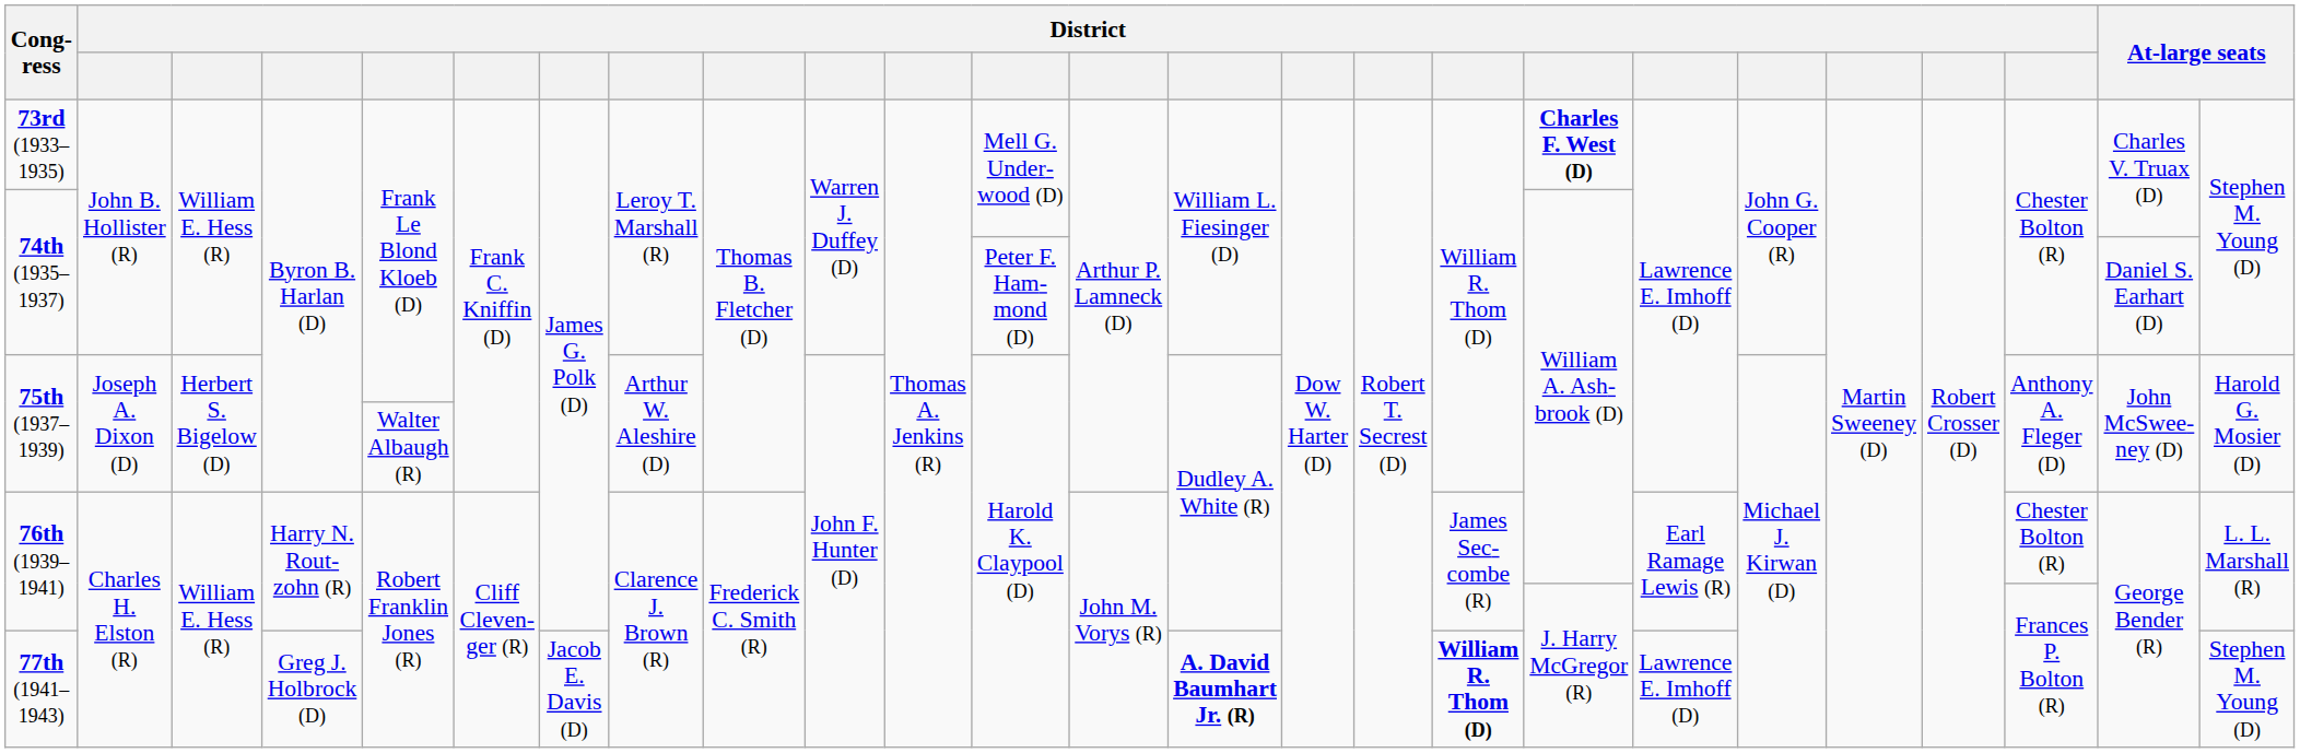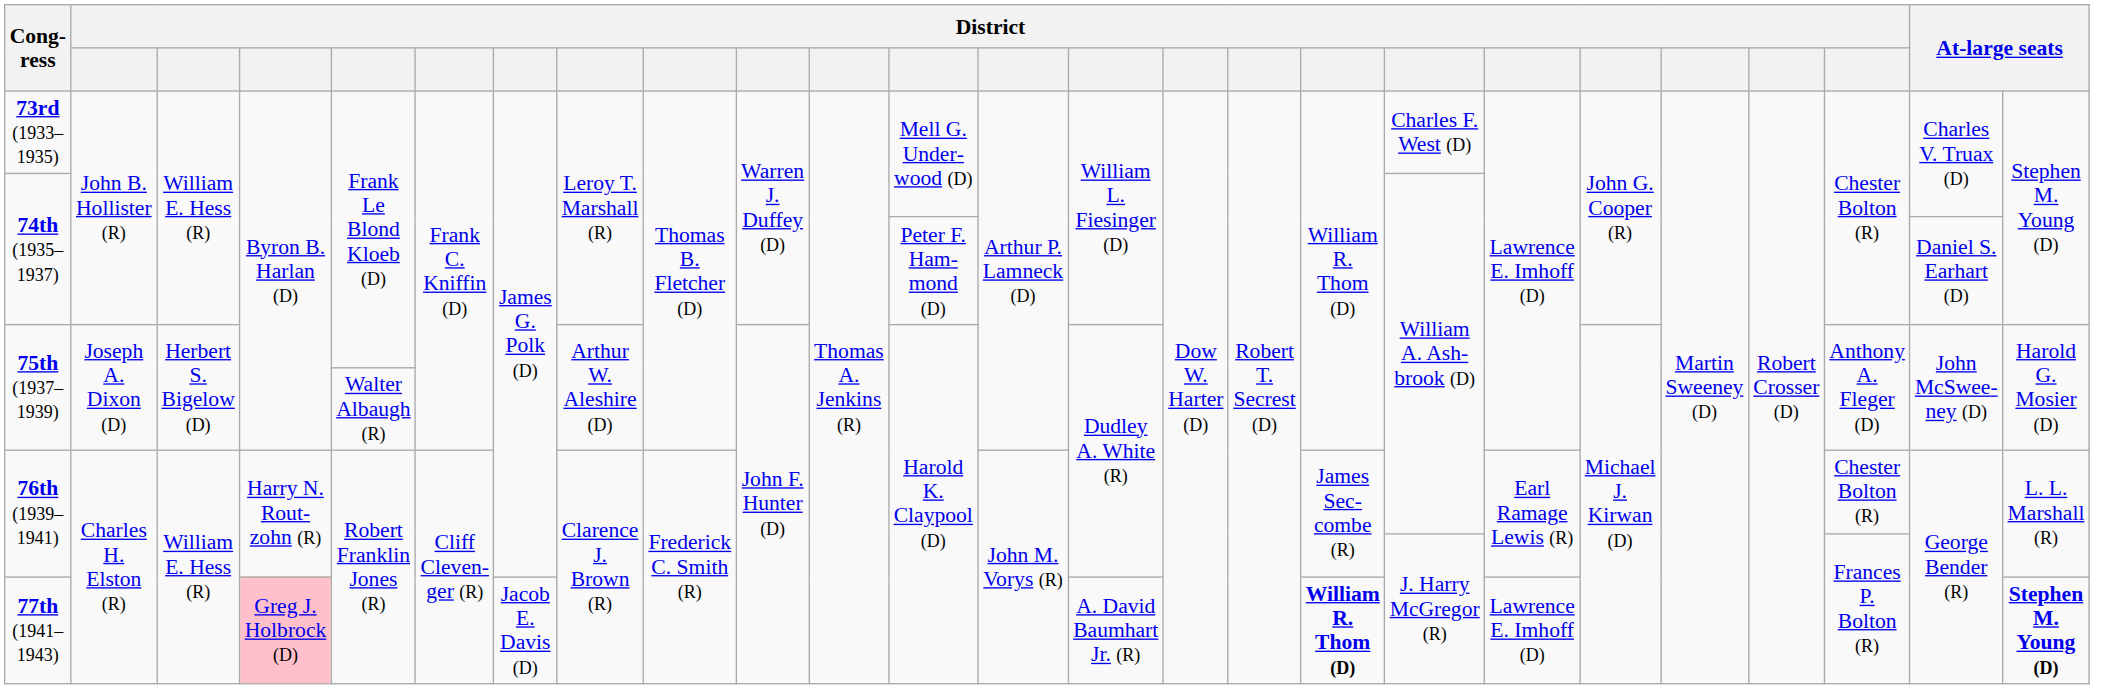 <table class=wikitable style="text-align:center">
 <tr style="height:2em">
 <th rowspan=2>Cong­ress</th>
 <th colspan="22">District</th>
 <th rowspan=2 colspan=2><a href='#'>At-large seats</a></th>
 </tr>
 <tr style="height:2em">
 <th></th>
 <th></th>
 <th></th>
 <th></th>
 <th></th>
 <th></th>
 <th></th>
 <th></th>
 <th></th>
 <th></th>
 <th></th>
 <th></th>
 <th></th>
 <th></th>
 <th></th>
 <th></th>
 <th></th>
 <th></th>
 <th></th>
 <th></th>
 <th></th>
 <th></th>
 </tr>
 <tr style="height:2em">
 <td><strong><a href='#'>73rd</a></strong><br><small>(1933–1935)</small></td>
 <td rowspan=3 ><a href='#'>John B. Hollister</a> <small>(R)</small></td>
 <td rowspan=3 ><a href='#'>William E. Hess</a> <small>(R)</small></td>
 <td rowspan=5 ><a href='#'>Byron B. Harlan</a> <small>(D)</small></td>
 <td rowspan=4 ><a href='#'>Frank Le Blond Kloeb</a> <small>(D)</small></td>
 <td rowspan=5 ><a href='#'>Frank C. Kniffin</a> <small>(D)</small></td>
 <td rowspan=7 ><a href='#'>James G. Polk</a> <small>(D)</small></td>
 <td rowspan=3 ><a href='#'>Leroy T. Marshall</a> <small>(R)</small></td>
 <td rowspan=5 ><a href='#'>Thomas B. Fletcher</a> <small>(D)</small></td>
 <td rowspan=3 ><a href='#'>Warren J. Duffey</a> <small>(D)</small></td>
 <td rowspan=8 ><a href='#'>Thomas A. Jenkins</a> <small>(R)</small></td>
 <td rowspan=2 ><a href='#'>Mell G. Under­wood</a> <small>(D)</small></td>
 <td rowspan=5 ><a href='#'>Arthur P. Lamneck</a> <small>(D)</small></td>
 <td rowspan=3 ><a href='#'>William L. Fiesinger</a> <small>(D)</small></td>
 <td rowspan=8 ><a href='#'>Dow W. Harter</a> <small>(D)</small></td>
 <td rowspan=8 ><a href='#'>Robert T. Secrest</a> <small>(D)</small></td>
 <td rowspan=5 ><a href='#'>William R. Thom</a> <small>(D)</small></td>
-<td><strong><a href='#'>Charles F. West</a> <small>(D)</small></strong></td>
+<td><a href='#'>Charles F. West</a> <small>(D)</small></td>
 <td rowspan=5 ><a href='#'>Lawrence E. Imhoff</a> <small>(D)</small></td>
 <td rowspan=3 ><a href='#'>John G. Cooper</a> <small>(R)</small></td>
 <td rowspan=8 ><a href='#'>Martin Sweeney</a> <small>(D)</small></td>
 <td rowspan=8 ><a href='#'>Robert Crosser</a> <small>(D)</small></td>
 <td rowspan=3 ><a href='#'>Chester Bolton</a> <small>(R)</small></td>
 <td rowspan=2 ><a href='#'>Charles V. Truax</a> <small>(D)</small></td>
 <td rowspan=3 ><a href='#'>Stephen M. Young</a> <small>(D)</small></td>
 </tr>
 <tr style="height:2em">
 <td rowspan=2><strong><a href='#'>74th</a></strong><br><small>(1935–1937)</small></td>
 <td rowspan=5 ><a href='#'>William A. Ash­brook</a> <small>(D)</small></td>
 </tr>
 <tr style="height:2em">
 <td><a href='#'>Peter F. Ham­mond</a> <small>(D)</small></td>
 <td><a href='#'>Daniel S. Earhart</a> <small>(D)</small></td>
 </tr>
 <tr style="height:2em">
 <td rowspan=2><strong><a href='#'>75th</a></strong><br><small>(1937–1939)</small></td>
 <td rowspan=2 ><a href='#'>Joseph A. Dixon</a> <small>(D)</small></td>
 <td rowspan=2 ><a href='#'>Herbert S. Bigelow</a> <small>(D)</small></td>
 <td rowspan=2 ><a href='#'>Arthur W. Aleshire</a> <small>(D)</small></td>
 <td rowspan=5 ><a href='#'>John F. Hunter</a> <small>(D)</small></td>
 <td rowspan=5 ><a href='#'>Harold K. Claypool</a> <small>(D)</small></td>
 <td rowspan=4 ><a href='#'>Dudley A. White</a> <small>(R)</small></td>
 <td rowspan=5 ><a href='#'>Michael J. Kirwan</a> <small>(D)</small></td>
 <td rowspan=2 ><a href='#'>Anthony A. Fleger</a> <small>(D)</small></td>
 <td rowspan=2 ><a href='#'>John McSwee­ney</a> <small>(D)</small></td>
 <td rowspan=2 ><a href='#'>Harold G. Mosier</a> <small>(D)</small></td>
 </tr>
 <tr style="height:2em">
 <td><a href='#'>Walter Albaugh</a> <small>(R)</small></td>
 </tr>
 <tr style="height:2em">
 <td rowspan=2><strong><a href='#'>76th</a></strong><br><small>(1939–1941)</small></td>
 <td rowspan=3 ><a href='#'>Charles H. Elston</a> <small>(R)</small></td>
 <td rowspan=3 ><a href='#'>William E. Hess</a> <small>(R)</small></td>
 <td rowspan=2 ><a href='#'>Harry N. Rout­zohn</a> <small>(R)</small></td>
 <td rowspan=3 ><a href='#'>Robert Franklin Jones</a> <small>(R)</small></td>
 <td rowspan=3 ><a href='#'>Cliff Cleven­ger</a> <small>(R)</small></td>
 <td rowspan=3 ><a href='#'>Clarence J. Brown</a> <small>(R)</small></td>
 <td rowspan=3 ><a href='#'>Frederick C. Smith</a> <small>(R)</small></td>
 <td rowspan=3 ><a href='#'>John M. Vorys</a> <small>(R)</small></td>
 <td rowspan=2 ><a href='#'>James Sec­combe</a> <small>(R)</small></td>
 <td rowspan=2 ><a href='#'>Earl Ramage Lewis</a> <small>(R)</small></td>
 <td><a href='#'>Chester Bolton</a> <small>(R)</small></td>
 <td rowspan=3 ><a href='#'>George Bender</a> <small>(R)</small></td>
 <td rowspan=2 ><a href='#'>L. L. Marshall</a> <small>(R)</small></td>
 </tr>
 <tr style="height:2em">
 <td rowspan=2 ><a href='#'>J. Harry McGregor</a> <small>(R)</small></td>
 <td rowspan=2 ><a href='#'>Frances P. Bolton</a> <small>(R)</small></td>
 </tr>
 <tr style="height:2em">
 <td><strong><a href='#'>77th</a></strong><br><small>(1941–1943)</small></td>
-<td><a href='#'>Greg J. Holbrock</a> <small>(D)</small></td>
+<td style="background: pink;"><a href='#'>Greg J. Holbrock</a> <small>(D)</small></td>
 <td><a href='#'>Jacob E. Davis</a> <small>(D)</small></td>
-<td><strong><a href='#'>A. David Baumhart Jr.</a> <small>(R)</small></strong></td>
+<td><a href='#'>A. David Baumhart Jr.</a> <small>(R)</small></td>
 <td><strong><a href='#'>William R. Thom</a> <small>(D)</small></strong></td>
 <td><a href='#'>Lawrence E. Imhoff</a> <small>(D)</small></td>
-<td><a href='#'>Stephen M. Young</a> <small>(D)</small></td>
+<td><strong><a href='#'>Stephen M. Young</a> <small>(D)</small></strong></td>
 </tr>
 </table>
